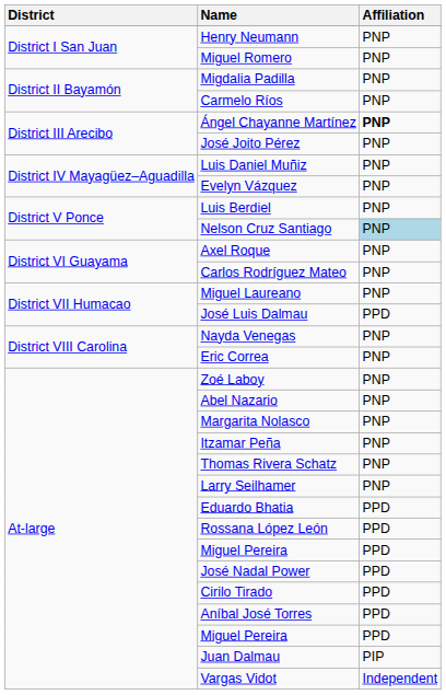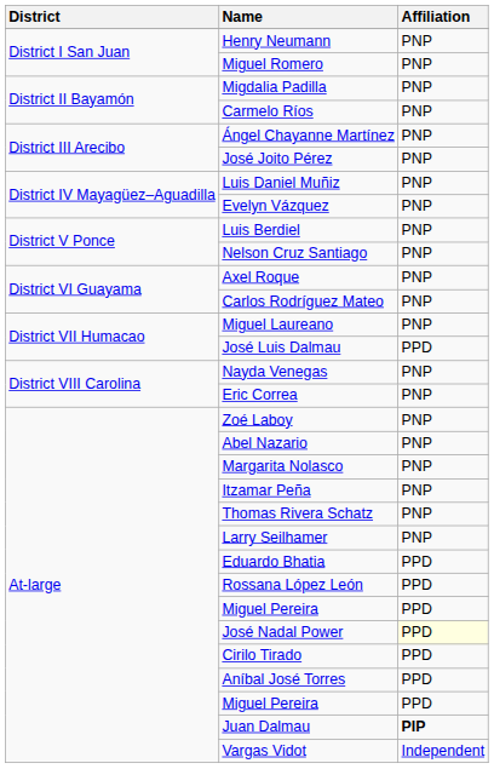 <table class="wikitable sortable">
 <tr>
 <th style="text-align: left">District</th>
 <th style="text-align: left">Name</th>
 <th style="text-align: left">Affiliation</th>
 </tr>
 <tr>
 </tr>
 <tr>
 <td rowspan=2><a href='#'>District I San Juan</a></td>
 <td><a href='#'>Henry Neumann</a></td>
 <td>PNP</td>
 </tr>
 <tr>
 <td><a href='#'>Miguel Romero</a></td>
 <td>PNP</td>
 </tr>
 <tr>
 <td rowspan=2><a href='#'>District II Bayamón</a></td>
 <td><a href='#'>Migdalia Padilla</a></td>
 <td>PNP</td>
 </tr>
 <tr>
 <td><a href='#'>Carmelo Ríos</a></td>
 <td>PNP</td>
 </tr>
 <tr>
 <td rowspan=2><a href='#'>District III Arecibo</a></td>
 <td><a href='#'>Ángel Chayanne Martínez</a></td>
-<td><strong>PNP</strong></td>
+<td>PNP</td>
 </tr>
 <tr>
 <td><a href='#'>José Joito Pérez</a></td>
 <td>PNP</td>
 </tr>
 <tr>
 <td rowspan=2><a href='#'>District IV Mayagüez–Aguadilla</a></td>
 <td><a href='#'>Luis Daniel Muñiz</a></td>
 <td>PNP</td>
 </tr>
 <tr>
 <td><a href='#'>Evelyn Vázquez</a></td>
 <td>PNP</td>
 </tr>
 <tr>
 <td rowspan=2><a href='#'>District V Ponce</a></td>
 <td><a href='#'>Luis Berdiel</a></td>
 <td>PNP</td>
 </tr>
 <tr>
 <td><a href='#'>Nelson Cruz Santiago</a></td>
-<td style="background: lightblue;">PNP</td>
+<td>PNP</td>
 </tr>
 <tr>
 <td rowspan=2><a href='#'>District VI Guayama</a></td>
 <td><a href='#'>Axel Roque</a></td>
 <td>PNP</td>
 </tr>
 <tr>
 <td><a href='#'>Carlos Rodríguez Mateo</a></td>
 <td>PNP</td>
 </tr>
 <tr>
 <td rowspan=2><a href='#'>District VII Humacao</a></td>
 <td><a href='#'>Miguel Laureano</a></td>
 <td>PNP</td>
 </tr>
 <tr>
 <td><a href='#'>José Luis Dalmau</a></td>
 <td>PPD</td>
 </tr>
 <tr>
 <td rowspan=2><a href='#'>District VIII Carolina</a></td>
 <td><a href='#'>Nayda Venegas</a></td>
 <td>PNP</td>
 </tr>
 <tr>
 <td><a href='#'>Eric Correa</a></td>
 <td>PNP</td>
 </tr>
 <tr>
 <td rowspan=15><a href='#'>At-large</a></td>
 <td><a href='#'>Zoé Laboy</a></td>
 <td>PNP</td>
 </tr>
 <tr>
 <td><a href='#'>Abel Nazario</a></td>
 <td>PNP</td>
 </tr>
 <tr>
 <td><a href='#'>Margarita Nolasco</a></td>
 <td>PNP</td>
 </tr>
 <tr>
 <td><a href='#'>Itzamar Peña</a></td>
 <td>PNP</td>
 </tr>
 <tr>
 <td><a href='#'>Thomas Rivera Schatz</a></td>
 <td>PNP</td>
 </tr>
 <tr>
 <td><a href='#'>Larry Seilhamer</a></td>
 <td>PNP</td>
 </tr>
 <tr>
 <td><a href='#'>Eduardo Bhatia</a></td>
 <td>PPD</td>
 </tr>
 <tr>
 <td><a href='#'>Rossana López León</a></td>
 <td>PPD</td>
 </tr>
 <tr>
 <td><a href='#'>Miguel Pereira</a></td>
 <td>PPD</td>
 </tr>
 <tr>
 <td><a href='#'>José Nadal Power</a></td>
-<td>PPD</td>
+<td style="background: lightyellow;">PPD</td>
 </tr>
 <tr>
 <td><a href='#'>Cirilo Tirado</a></td>
 <td>PPD</td>
 </tr>
 <tr>
 <td><a href='#'>Aníbal José Torres</a></td>
 <td>PPD</td>
 </tr>
 <tr>
 <td><a href='#'>Miguel Pereira</a></td>
 <td>PPD</td>
 </tr>
 <tr>
 <td><a href='#'>Juan Dalmau</a></td>
-<td>PIP</td>
+<td><strong>PIP</strong></td>
 </tr>
 <tr>
 <td><a href='#'>Vargas Vidot</a></td>
 <td><a href='#'>Independent</a></td>
 </tr>
 </table>
